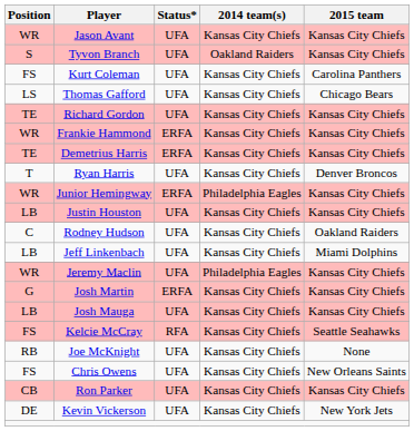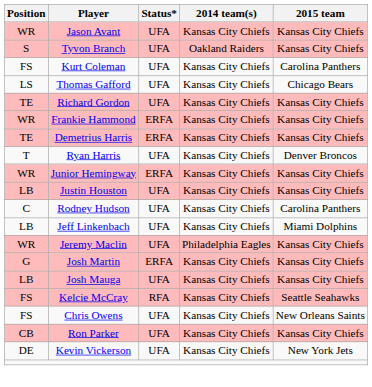 <table class="wikitable sortable" style="text-align:center">
 <tr>
 <th>Position</th>
 <th>Player</th>
 <th>Status*</th>
 <th>2014 team(s)</th>
 <th>2015 team</th>
 </tr>
 <tr style="background:#fbb">
 <td>WR</td>
 <td><a href='#'>Jason Avant</a></td>
 <td>UFA</td>
 <td>Kansas City Chiefs</td>
 <td>Kansas City Chiefs</td>
 </tr>
 <tr style="background:#fbb">
 <td>S</td>
 <td><a href='#'>Tyvon Branch</a></td>
 <td>UFA</td>
 <td>Oakland Raiders</td>
 <td>Kansas City Chiefs</td>
 </tr>
 <tr>
 <td>FS</td>
 <td><a href='#'>Kurt Coleman</a></td>
 <td>UFA</td>
 <td>Kansas City Chiefs</td>
 <td>Carolina Panthers</td>
 </tr>
 <tr>
 <td>LS</td>
 <td><a href='#'>Thomas Gafford</a></td>
 <td>UFA</td>
 <td>Kansas City Chiefs</td>
 <td>Chicago Bears</td>
 </tr>
 <tr style="background:#fbb">
 <td>TE</td>
 <td><a href='#'>Richard Gordon</a></td>
 <td>UFA</td>
 <td>Kansas City Chiefs</td>
 <td>Kansas City Chiefs</td>
 </tr>
 <tr style="background:#fbb">
 <td>WR</td>
 <td><a href='#'>Frankie Hammond</a></td>
 <td>ERFA</td>
 <td>Kansas City Chiefs</td>
 <td>Kansas City Chiefs</td>
 </tr>
 <tr style="background:#fbb">
 <td>TE</td>
 <td><a href='#'>Demetrius Harris</a></td>
 <td>ERFA</td>
 <td>Kansas City Chiefs</td>
 <td>Kansas City Chiefs</td>
 </tr>
 <tr>
 <td>T</td>
 <td><a href='#'>Ryan Harris</a></td>
 <td>UFA</td>
 <td>Kansas City Chiefs</td>
 <td>Denver Broncos</td>
 </tr>
 <tr style="background:#fbb">
 <td>WR</td>
 <td><a href='#'>Junior Hemingway</a></td>
 <td>ERFA</td>
-<td>Philadelphia Eagles</td>
+<td>Kansas City Chiefs</td>
 <td>Kansas City Chiefs</td>
 </tr>
 <tr style="background:#fbb">
 <td>LB</td>
 <td><a href='#'>Justin Houston</a></td>
 <td>UFA</td>
 <td>Kansas City Chiefs</td>
 <td>Kansas City Chiefs</td>
 </tr>
 <tr>
 <td>C</td>
 <td><a href='#'>Rodney Hudson</a></td>
 <td>UFA</td>
 <td>Kansas City Chiefs</td>
-<td>Oakland Raiders</td>
+<td>Carolina Panthers</td>
 </tr>
 <tr>
 <td>LB</td>
 <td><a href='#'>Jeff Linkenbach</a></td>
 <td>UFA</td>
 <td>Kansas City Chiefs</td>
 <td>Miami Dolphins</td>
 </tr>
 <tr style="background:#fbb">
 <td>WR</td>
 <td><a href='#'>Jeremy Maclin</a></td>
 <td>UFA</td>
 <td>Philadelphia Eagles</td>
 <td>Kansas City Chiefs</td>
 </tr>
 <tr style="background:#fbb">
 <td>G</td>
 <td><a href='#'>Josh Martin</a></td>
 <td>ERFA</td>
 <td>Kansas City Chiefs</td>
 <td>Kansas City Chiefs</td>
 </tr>
 <tr style="background:#fbb">
 <td>LB</td>
 <td><a href='#'>Josh Mauga</a></td>
 <td>UFA</td>
 <td>Kansas City Chiefs</td>
 <td>Kansas City Chiefs</td>
 </tr>
 <tr style="background:#fbb">
 <td>FS</td>
 <td><a href='#'>Kelcie McCray</a></td>
 <td>RFA</td>
 <td>Kansas City Chiefs</td>
 <td>Seattle Seahawks</td>
 </tr>
 <tr>
-<td>RB</td>
-<td><a href='#'>Joe McKnight</a></td>
-<td>UFA</td>
-<td>Kansas City Chiefs</td>
-<td>None</td>
-</tr>
-<tr>
 <td>FS</td>
 <td><a href='#'>Chris Owens</a></td>
 <td>UFA</td>
 <td>Kansas City Chiefs</td>
 <td>New Orleans Saints</td>
 </tr>
 <tr style="background:#fbb">
 <td>CB</td>
 <td><a href='#'>Ron Parker</a></td>
 <td>UFA</td>
 <td>Kansas City Chiefs</td>
 <td>Kansas City Chiefs</td>
 </tr>
 <tr>
 <td>DE</td>
 <td><a href='#'>Kevin Vickerson</a></td>
 <td>UFA</td>
 <td>Kansas City Chiefs</td>
 <td>New York Jets</td>
 </tr>
 <tr>
 <td colspan=5></td>
 </tr>
 </table>
